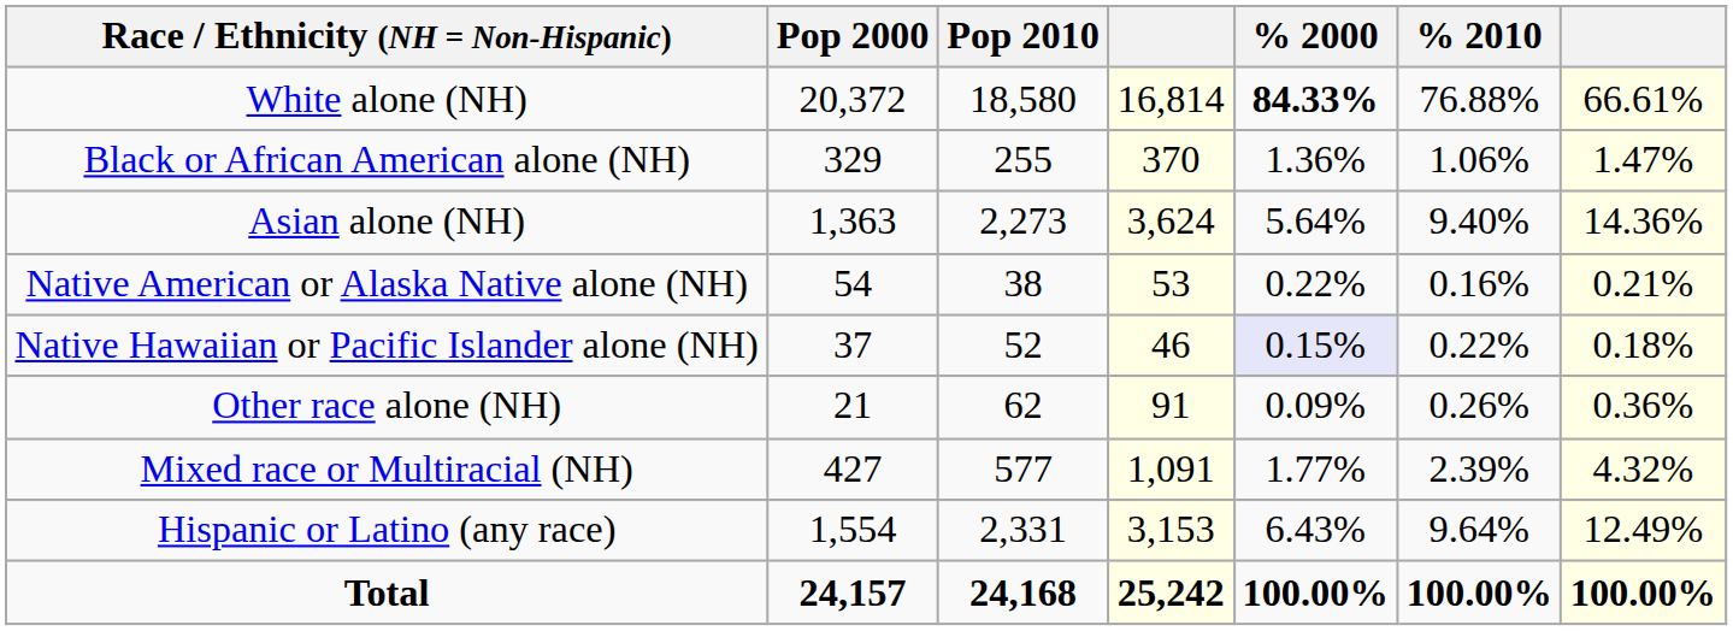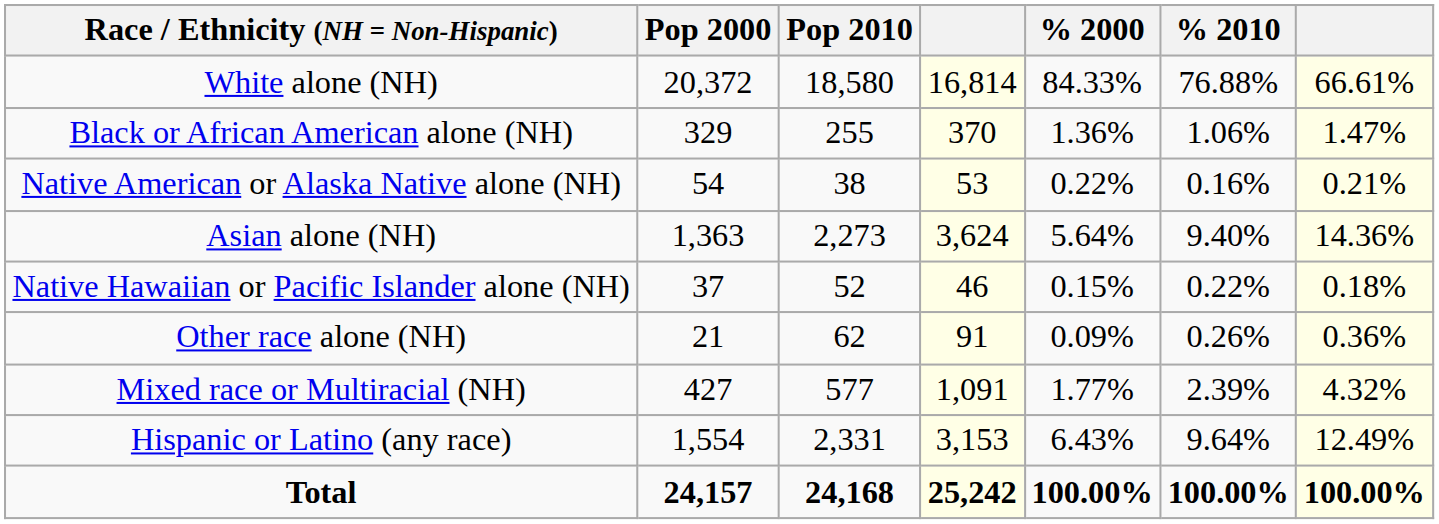 <table class="wikitable" style="text-align:center;">
 <tr>
 <th>Race / Ethnicity <small>(<em>NH = Non-Hispanic</em>)</small></th>
 <th>Pop 2000</th>
 <th>Pop 2010</th>
 <th></th>
 <th>% 2000</th>
 <th>% 2010</th>
 <th></th>
 </tr>
 <tr>
 <td><a href='#'>White</a> alone (NH)</td>
 <td>20,372</td>
 <td>18,580</td>
 <td style='background: #ffffe6;'>16,814</td>
-<td><strong>84.33%</strong></td>
+<td>84.33%</td>
 <td>76.88%</td>
 <td style='background: #ffffe6;'>66.61%</td>
 </tr>
 <tr>
 <td><a href='#'>Black or African American</a> alone (NH)</td>
 <td>329</td>
 <td>255</td>
 <td style='background: #ffffe6;'>370</td>
 <td>1.36%</td>
 <td>1.06%</td>
 <td style='background: #ffffe6;'>1.47%</td>
 </tr>
 <tr>
+<td><a href='#'>Native American</a> or <a href='#'>Alaska Native</a> alone (NH)</td>
+<td>54</td>
+<td>38</td>
+<td style='background: #ffffe6;'>53</td>
+<td>0.22%</td>
+<td>0.16%</td>
+<td style='background: #ffffe6;'>0.21%</td>
+</tr>
+<tr>
 <td><a href='#'>Asian</a> alone (NH)</td>
 <td>1,363</td>
 <td>2,273</td>
 <td style='background: #ffffe6;'>3,624</td>
 <td>5.64%</td>
 <td>9.40%</td>
 <td style='background: #ffffe6;'>14.36%</td>
 </tr>
 <tr>
-<td><a href='#'>Native American</a> or <a href='#'>Alaska Native</a> alone (NH)</td>
-<td>54</td>
-<td>38</td>
-<td style='background: #ffffe6;'>53</td>
-<td>0.22%</td>
-<td>0.16%</td>
-<td style='background: #ffffe6;'>0.21%</td>
-</tr>
-<tr>
 <td><a href='#'>Native Hawaiian</a> or <a href='#'>Pacific Islander</a> alone (NH)</td>
 <td>37</td>
 <td>52</td>
 <td style='background: #ffffe6;'>46</td>
-<td style="background: lavender;">0.15%</td>
+<td>0.15%</td>
 <td>0.22%</td>
 <td style='background: #ffffe6;'>0.18%</td>
 </tr>
 <tr>
 <td><a href='#'>Other race</a> alone (NH)</td>
 <td>21</td>
 <td>62</td>
 <td style='background: #ffffe6;'>91</td>
 <td>0.09%</td>
 <td>0.26%</td>
 <td style='background: #ffffe6;'>0.36%</td>
 </tr>
 <tr>
 <td><a href='#'>Mixed race or Multiracial</a> (NH)</td>
 <td>427</td>
 <td>577</td>
 <td style='background: #ffffe6;'>1,091</td>
 <td>1.77%</td>
 <td>2.39%</td>
 <td style='background: #ffffe6;'>4.32%</td>
 </tr>
 <tr>
 <td><a href='#'>Hispanic or Latino</a> (any race)</td>
 <td>1,554</td>
 <td>2,331</td>
 <td style='background: #ffffe6;'>3,153</td>
 <td>6.43%</td>
 <td>9.64%</td>
 <td style='background: #ffffe6;'>12.49%</td>
 </tr>
 <tr>
 <td><strong>Total</strong></td>
 <td><strong>24,157</strong></td>
 <td><strong>24,168</strong></td>
 <td style='background: #ffffe6;'><strong>25,242</strong></td>
 <td><strong>100.00%</strong></td>
 <td><strong>100.00%</strong></td>
 <td style='background: #ffffe6;'><strong>100.00%</strong></td>
 </tr>
 </table>
